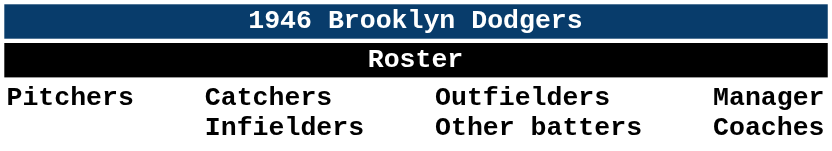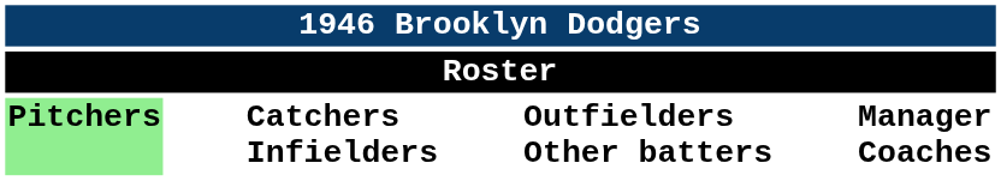 <table class="toccolours" style="font-size: 95%;">
 <tr>
 <th colspan="10" style="background-color: #083c6b; color: white; text-align: center;">1946 Brooklyn Dodgers</th>
 </tr>
 <tr>
 <td colspan="10" style="background-color: black; color: white; text-align: center;"><strong>Roster</strong></td>
 </tr>
 <tr>
-<td valign="top"><strong>Pitchers</strong><br>                   </td>
+<td valign="top" style="background: lightgreen;"><strong>Pitchers</strong><br>                   </td>
 <td width="25px"></td>
 <td valign="top"><strong>Catchers</strong><br>    <strong>Infielders</strong>           </td>
 <td width="25px"></td>
 <td valign="top"><strong>Outfielders</strong><br>         <strong>Other batters</strong>   </td>
 <td width="25px"></td>
 <td valign="top"><strong>Manager</strong><br> <strong>Coaches</strong>   </td>
 </tr>
 </table>
